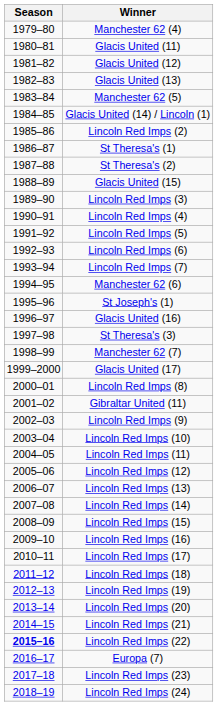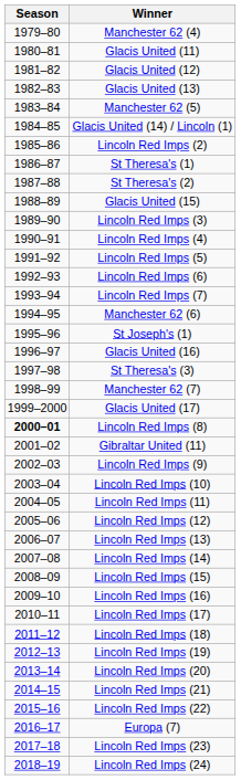 <table class="wikitable sortable" style="text-align:center;">
 <tr>
 <th>Season</th>
 <th>Winner</th>
 </tr>
 <tr>
 <td>1979–80</td>
 <td><a href='#'>Manchester 62</a> (4)</td>
 </tr>
 <tr>
 <td>1980–81</td>
 <td><a href='#'>Glacis United</a> (11)</td>
 </tr>
 <tr>
 <td>1981–82</td>
 <td><a href='#'>Glacis United</a> (12)</td>
 </tr>
 <tr>
 <td>1982–83</td>
 <td><a href='#'>Glacis United</a> (13)</td>
 </tr>
 <tr>
 <td>1983–84</td>
 <td><a href='#'>Manchester 62</a> (5)</td>
 </tr>
 <tr>
 <td>1984–85</td>
 <td><a href='#'>Glacis United</a> (14) / <a href='#'>Lincoln</a> (1)</td>
 </tr>
 <tr>
 <td>1985–86</td>
 <td><a href='#'>Lincoln Red Imps</a> (2)</td>
 </tr>
 <tr>
 <td>1986–87</td>
 <td><a href='#'>St Theresa's</a> (1)</td>
 </tr>
 <tr>
 <td>1987–88</td>
 <td><a href='#'>St Theresa's</a> (2)</td>
 </tr>
 <tr>
 <td>1988–89</td>
 <td><a href='#'>Glacis United</a> (15)</td>
 </tr>
 <tr>
 <td>1989–90</td>
 <td><a href='#'>Lincoln Red Imps</a> (3)</td>
 </tr>
 <tr>
 <td>1990–91</td>
 <td><a href='#'>Lincoln Red Imps</a> (4)</td>
 </tr>
 <tr>
 <td>1991–92</td>
 <td><a href='#'>Lincoln Red Imps</a> (5)</td>
 </tr>
 <tr>
 <td>1992–93</td>
 <td><a href='#'>Lincoln Red Imps</a> (6)</td>
 </tr>
 <tr>
 <td>1993–94</td>
 <td><a href='#'>Lincoln Red Imps</a> (7)</td>
 </tr>
 <tr>
 <td>1994–95</td>
 <td><a href='#'>Manchester 62</a> (6)</td>
 </tr>
 <tr>
 <td>1995–96</td>
 <td><a href='#'>St Joseph's</a> (1)</td>
 </tr>
 <tr>
 <td>1996–97</td>
 <td><a href='#'>Glacis United</a> (16)</td>
 </tr>
 <tr>
 <td>1997–98</td>
 <td><a href='#'>St Theresa's</a> (3)</td>
 </tr>
 <tr>
 <td>1998–99</td>
 <td><a href='#'>Manchester 62</a> (7)</td>
 </tr>
 <tr>
 <td>1999–2000</td>
 <td><a href='#'>Glacis United</a> (17)</td>
 </tr>
 <tr>
-<td>2000–01</td>
+<td><strong>2000–01</strong></td>
 <td><a href='#'>Lincoln Red Imps</a> (8)</td>
 </tr>
 <tr>
 <td>2001–02</td>
 <td><a href='#'>Gibraltar United</a> (11)</td>
 </tr>
 <tr>
 <td>2002–03</td>
 <td><a href='#'>Lincoln Red Imps</a> (9)</td>
 </tr>
 <tr>
 <td>2003–04</td>
 <td><a href='#'>Lincoln Red Imps</a> (10)</td>
 </tr>
 <tr>
 <td>2004–05</td>
 <td><a href='#'>Lincoln Red Imps</a> (11)</td>
 </tr>
 <tr>
 <td>2005–06</td>
 <td><a href='#'>Lincoln Red Imps</a> (12)</td>
 </tr>
 <tr>
 <td>2006–07</td>
 <td><a href='#'>Lincoln Red Imps</a> (13)</td>
 </tr>
 <tr>
 <td>2007–08</td>
 <td><a href='#'>Lincoln Red Imps</a> (14)</td>
 </tr>
 <tr>
 <td>2008–09</td>
 <td><a href='#'>Lincoln Red Imps</a> (15)</td>
 </tr>
 <tr>
 <td>2009–10</td>
 <td><a href='#'>Lincoln Red Imps</a> (16)</td>
 </tr>
 <tr>
 <td>2010–11</td>
 <td><a href='#'>Lincoln Red Imps</a> (17)</td>
 </tr>
 <tr>
 <td><a href='#'>2011–12</a></td>
 <td><a href='#'>Lincoln Red Imps</a> (18)</td>
 </tr>
 <tr>
 <td><a href='#'>2012–13</a></td>
 <td><a href='#'>Lincoln Red Imps</a> (19)</td>
 </tr>
 <tr>
 <td><a href='#'>2013–14</a></td>
 <td><a href='#'>Lincoln Red Imps</a> (20)</td>
 </tr>
 <tr>
 <td><a href='#'>2014–15</a></td>
 <td><a href='#'>Lincoln Red Imps</a> (21)</td>
 </tr>
 <tr>
-<td><strong><a href='#'>2015–16</a></strong></td>
+<td><a href='#'>2015–16</a></td>
 <td><a href='#'>Lincoln Red Imps</a> (22)</td>
 </tr>
 <tr>
 <td><a href='#'>2016–17</a></td>
 <td><a href='#'>Europa</a> (7)</td>
 </tr>
 <tr>
 <td><a href='#'>2017–18</a></td>
 <td><a href='#'>Lincoln Red Imps</a> (23)</td>
 </tr>
 <tr>
 <td><a href='#'>2018–19</a></td>
 <td><a href='#'>Lincoln Red Imps</a> (24)</td>
 </tr>
 </table>
